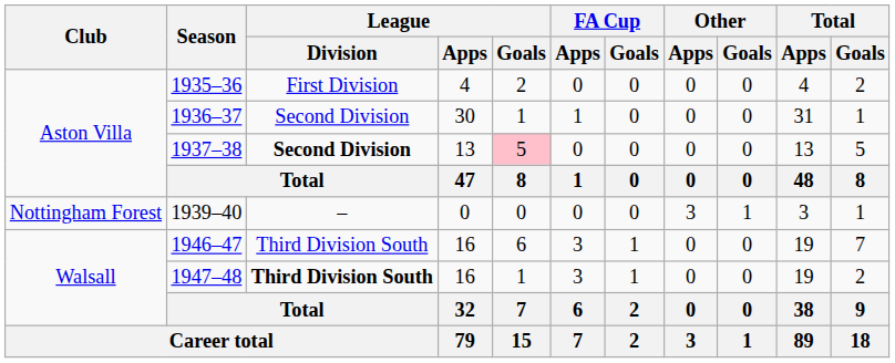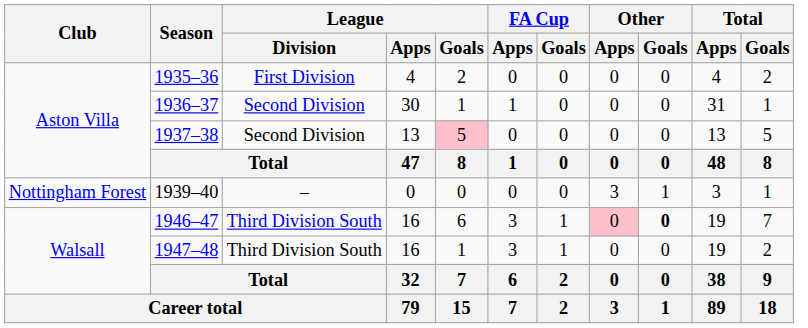 <table class="wikitable" style="text-align:center">
 <tr>
 <th rowspan="2">Club</th>
 <th rowspan="2">Season</th>
 <th colspan="3">League</th>
 <th colspan="2"><a href='#'>FA Cup</a></th>
 <th colspan="2">Other</th>
 <th colspan="2">Total</th>
 </tr>
 <tr>
 <th>Division</th>
 <th>Apps</th>
 <th>Goals</th>
 <th>Apps</th>
 <th>Goals</th>
 <th>Apps</th>
 <th>Goals</th>
 <th>Apps</th>
 <th>Goals</th>
 </tr>
 <tr>
 <td rowspan="4"><a href='#'>Aston Villa</a></td>
 <td><a href='#'>1935–36</a></td>
 <td><a href='#'>First Division</a></td>
 <td>4</td>
 <td>2</td>
 <td>0</td>
 <td>0</td>
 <td>0</td>
 <td>0</td>
 <td>4</td>
 <td>2</td>
 </tr>
 <tr>
 <td><a href='#'>1936–37</a></td>
 <td><a href='#'>Second Division</a></td>
 <td>30</td>
 <td>1</td>
 <td>1</td>
 <td>0</td>
 <td>0</td>
 <td>0</td>
 <td>31</td>
 <td>1</td>
 </tr>
 <tr>
 <td><a href='#'>1937–38</a></td>
-<td><strong>Second Division</strong></td>
+<td>Second Division</td>
 <td>13</td>
 <td style="background: pink;">5</td>
 <td>0</td>
 <td>0</td>
 <td>0</td>
 <td>0</td>
 <td>13</td>
 <td>5</td>
 </tr>
 <tr>
 <th colspan="2">Total</th>
 <th>47</th>
 <th>8</th>
 <th>1</th>
 <th>0</th>
 <th>0</th>
 <th>0</th>
 <th>48</th>
 <th>8</th>
 </tr>
 <tr>
 <td><a href='#'>Nottingham Forest</a></td>
 <td>1939–40</td>
 <td>–</td>
 <td>0</td>
 <td>0</td>
 <td>0</td>
 <td>0</td>
 <td>3</td>
 <td>1</td>
 <td>3</td>
 <td>1</td>
 </tr>
 <tr>
 <td rowspan="3"><a href='#'>Walsall</a></td>
 <td><a href='#'>1946–47</a></td>
 <td><a href='#'>Third Division South</a></td>
 <td>16</td>
 <td>6</td>
 <td>3</td>
 <td>1</td>
-<td>0</td>
-<td>0</td>
+<td style="background: pink;">0</td>
+<td><strong>0</strong></td>
 <td>19</td>
 <td>7</td>
 </tr>
 <tr>
 <td><a href='#'>1947–48</a></td>
-<td><strong>Third Division South</strong></td>
+<td>Third Division South</td>
 <td>16</td>
 <td>1</td>
 <td>3</td>
 <td>1</td>
 <td>0</td>
 <td>0</td>
 <td>19</td>
 <td>2</td>
 </tr>
 <tr>
 <th colspan="2">Total</th>
 <th>32</th>
 <th>7</th>
 <th>6</th>
 <th>2</th>
 <th>0</th>
 <th>0</th>
 <th>38</th>
 <th>9</th>
 </tr>
 <tr>
 <th colspan="3">Career total</th>
 <th>79</th>
 <th>15</th>
 <th>7</th>
 <th>2</th>
 <th>3</th>
 <th>1</th>
 <th>89</th>
 <th>18</th>
 </tr>
 </table>
